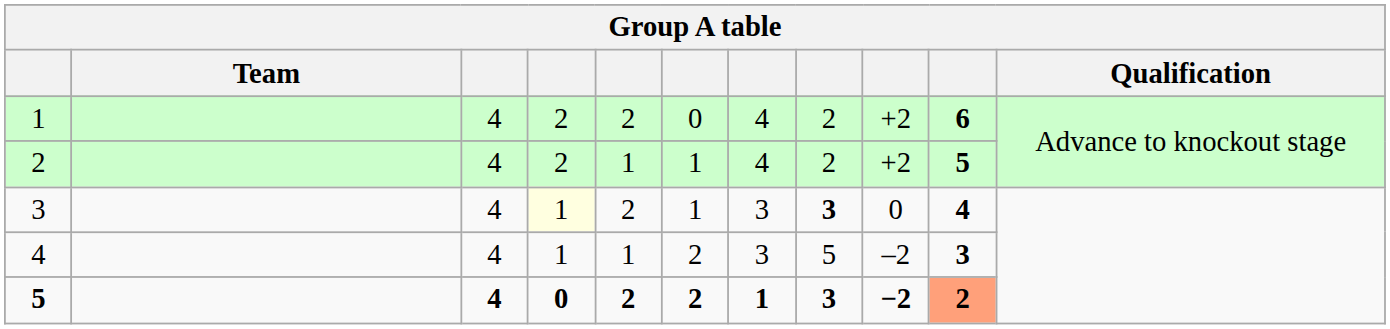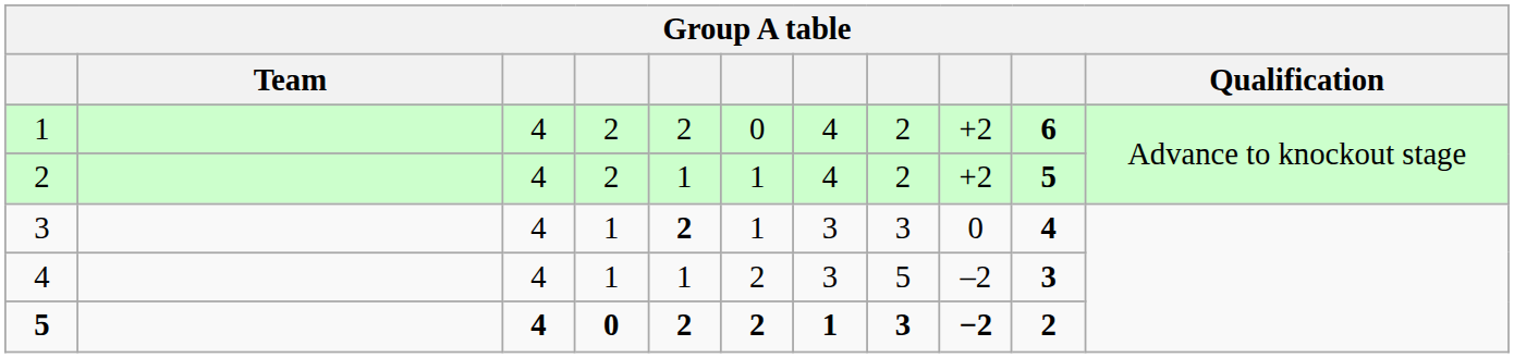 <table class="wikitable" style="text-align: center;">
 <tr>
 <th colspan="11">Group A table</th>
 </tr>
 <tr>
 <th width=30></th>
 <th width="210">Team</th>
 <th width=30></th>
 <th width=30></th>
 <th width=30></th>
 <th width=30></th>
 <th width=30></th>
 <th width=30></th>
 <th width=30></th>
 <th width=30></th>
 <th width=210>Qualification</th>
 </tr>
 <tr bgcolor=#ccffcc>
 <td>1</td>
 <td align="left"></td>
 <td>4</td>
 <td>2</td>
 <td>2</td>
 <td>0</td>
 <td>4</td>
 <td>2</td>
 <td>+2</td>
 <td><strong>6</strong></td>
 <td rowspan="2">Advance to knockout stage</td>
 </tr>
 <tr bgcolor=#ccffcc>
 <td>2</td>
 <td align="left"></td>
 <td>4</td>
 <td>2</td>
 <td>1</td>
 <td>1</td>
 <td>4</td>
 <td>2</td>
 <td>+2</td>
 <td><strong>5</strong></td>
 </tr>
 <tr>
 <td>3</td>
 <td align="left"></td>
 <td>4</td>
-<td style="background: lightyellow;">1</td>
-<td>2</td>
+<td>1</td>
+<td><strong>2</strong></td>
 <td>1</td>
 <td>3</td>
-<td><strong>3</strong></td>
+<td>3</td>
 <td>0</td>
 <td><strong>4</strong></td>
 <td rowspan="3"></td>
 </tr>
 <tr>
 <td>4</td>
 <td align="left"></td>
 <td>4</td>
 <td>1</td>
 <td>1</td>
 <td>2</td>
 <td>3</td>
 <td>5</td>
 <td>–2</td>
 <td><strong>3</strong></td>
 </tr>
 <tr>
 <td><strong>5</strong></td>
 <td align="left"><strong></strong></td>
 <td><strong>4</strong></td>
 <td><strong>0</strong></td>
 <td><strong>2</strong></td>
 <td><strong>2</strong></td>
 <td><strong>1</strong></td>
 <td><strong>3</strong></td>
 <td><strong>−2</strong></td>
-<td style="background: lightsalmon;"><strong>2</strong></td>
+<td><strong>2</strong></td>
 </tr>
 </table>
